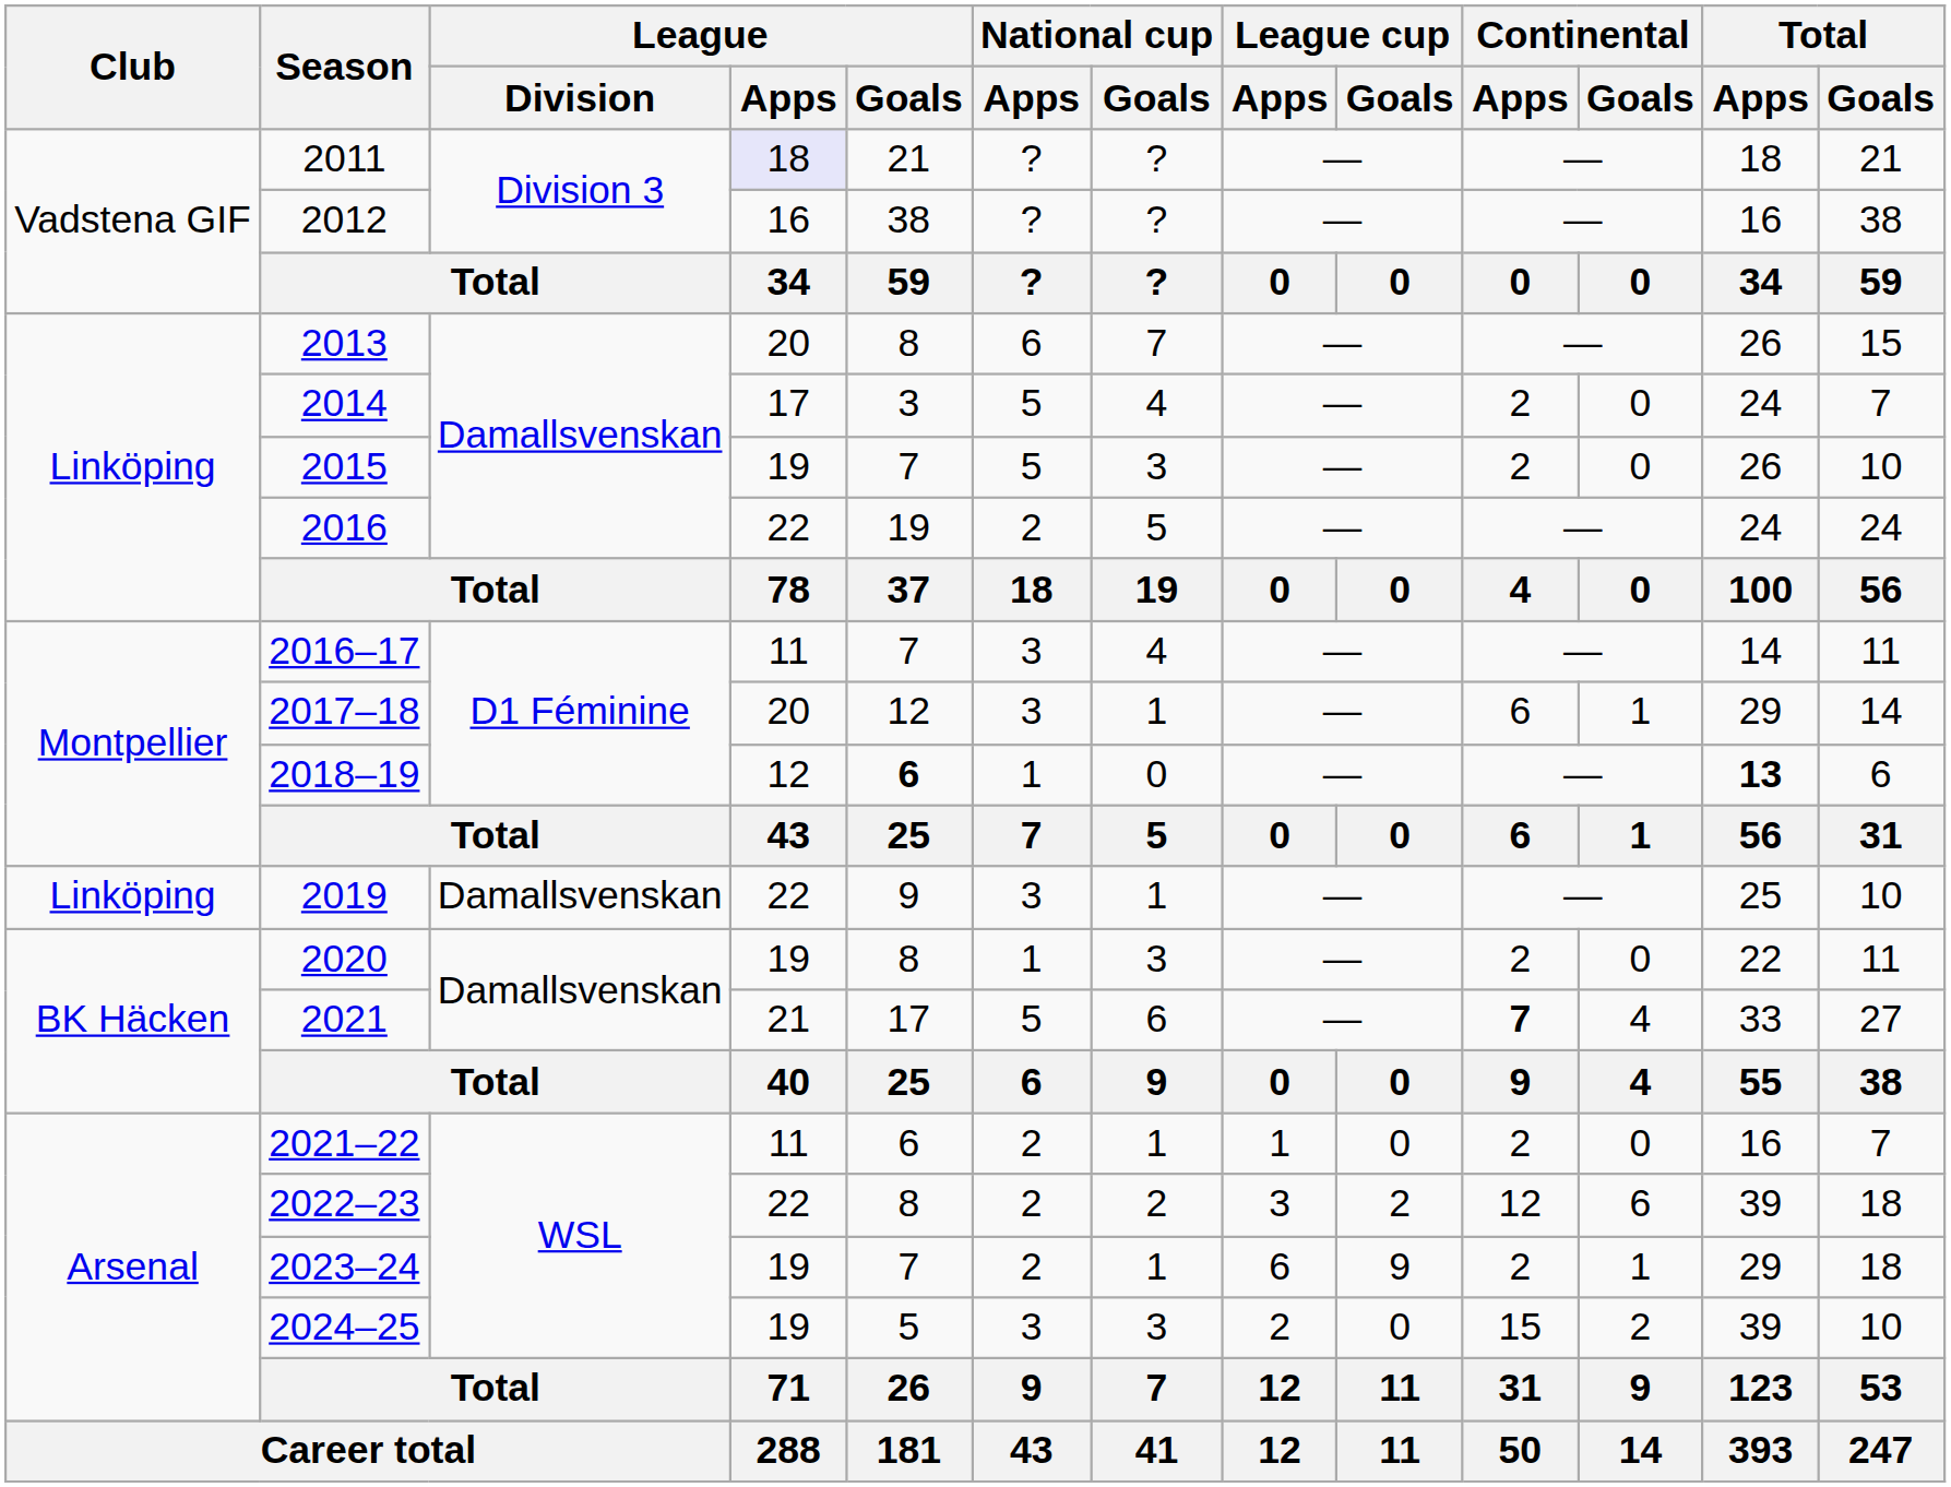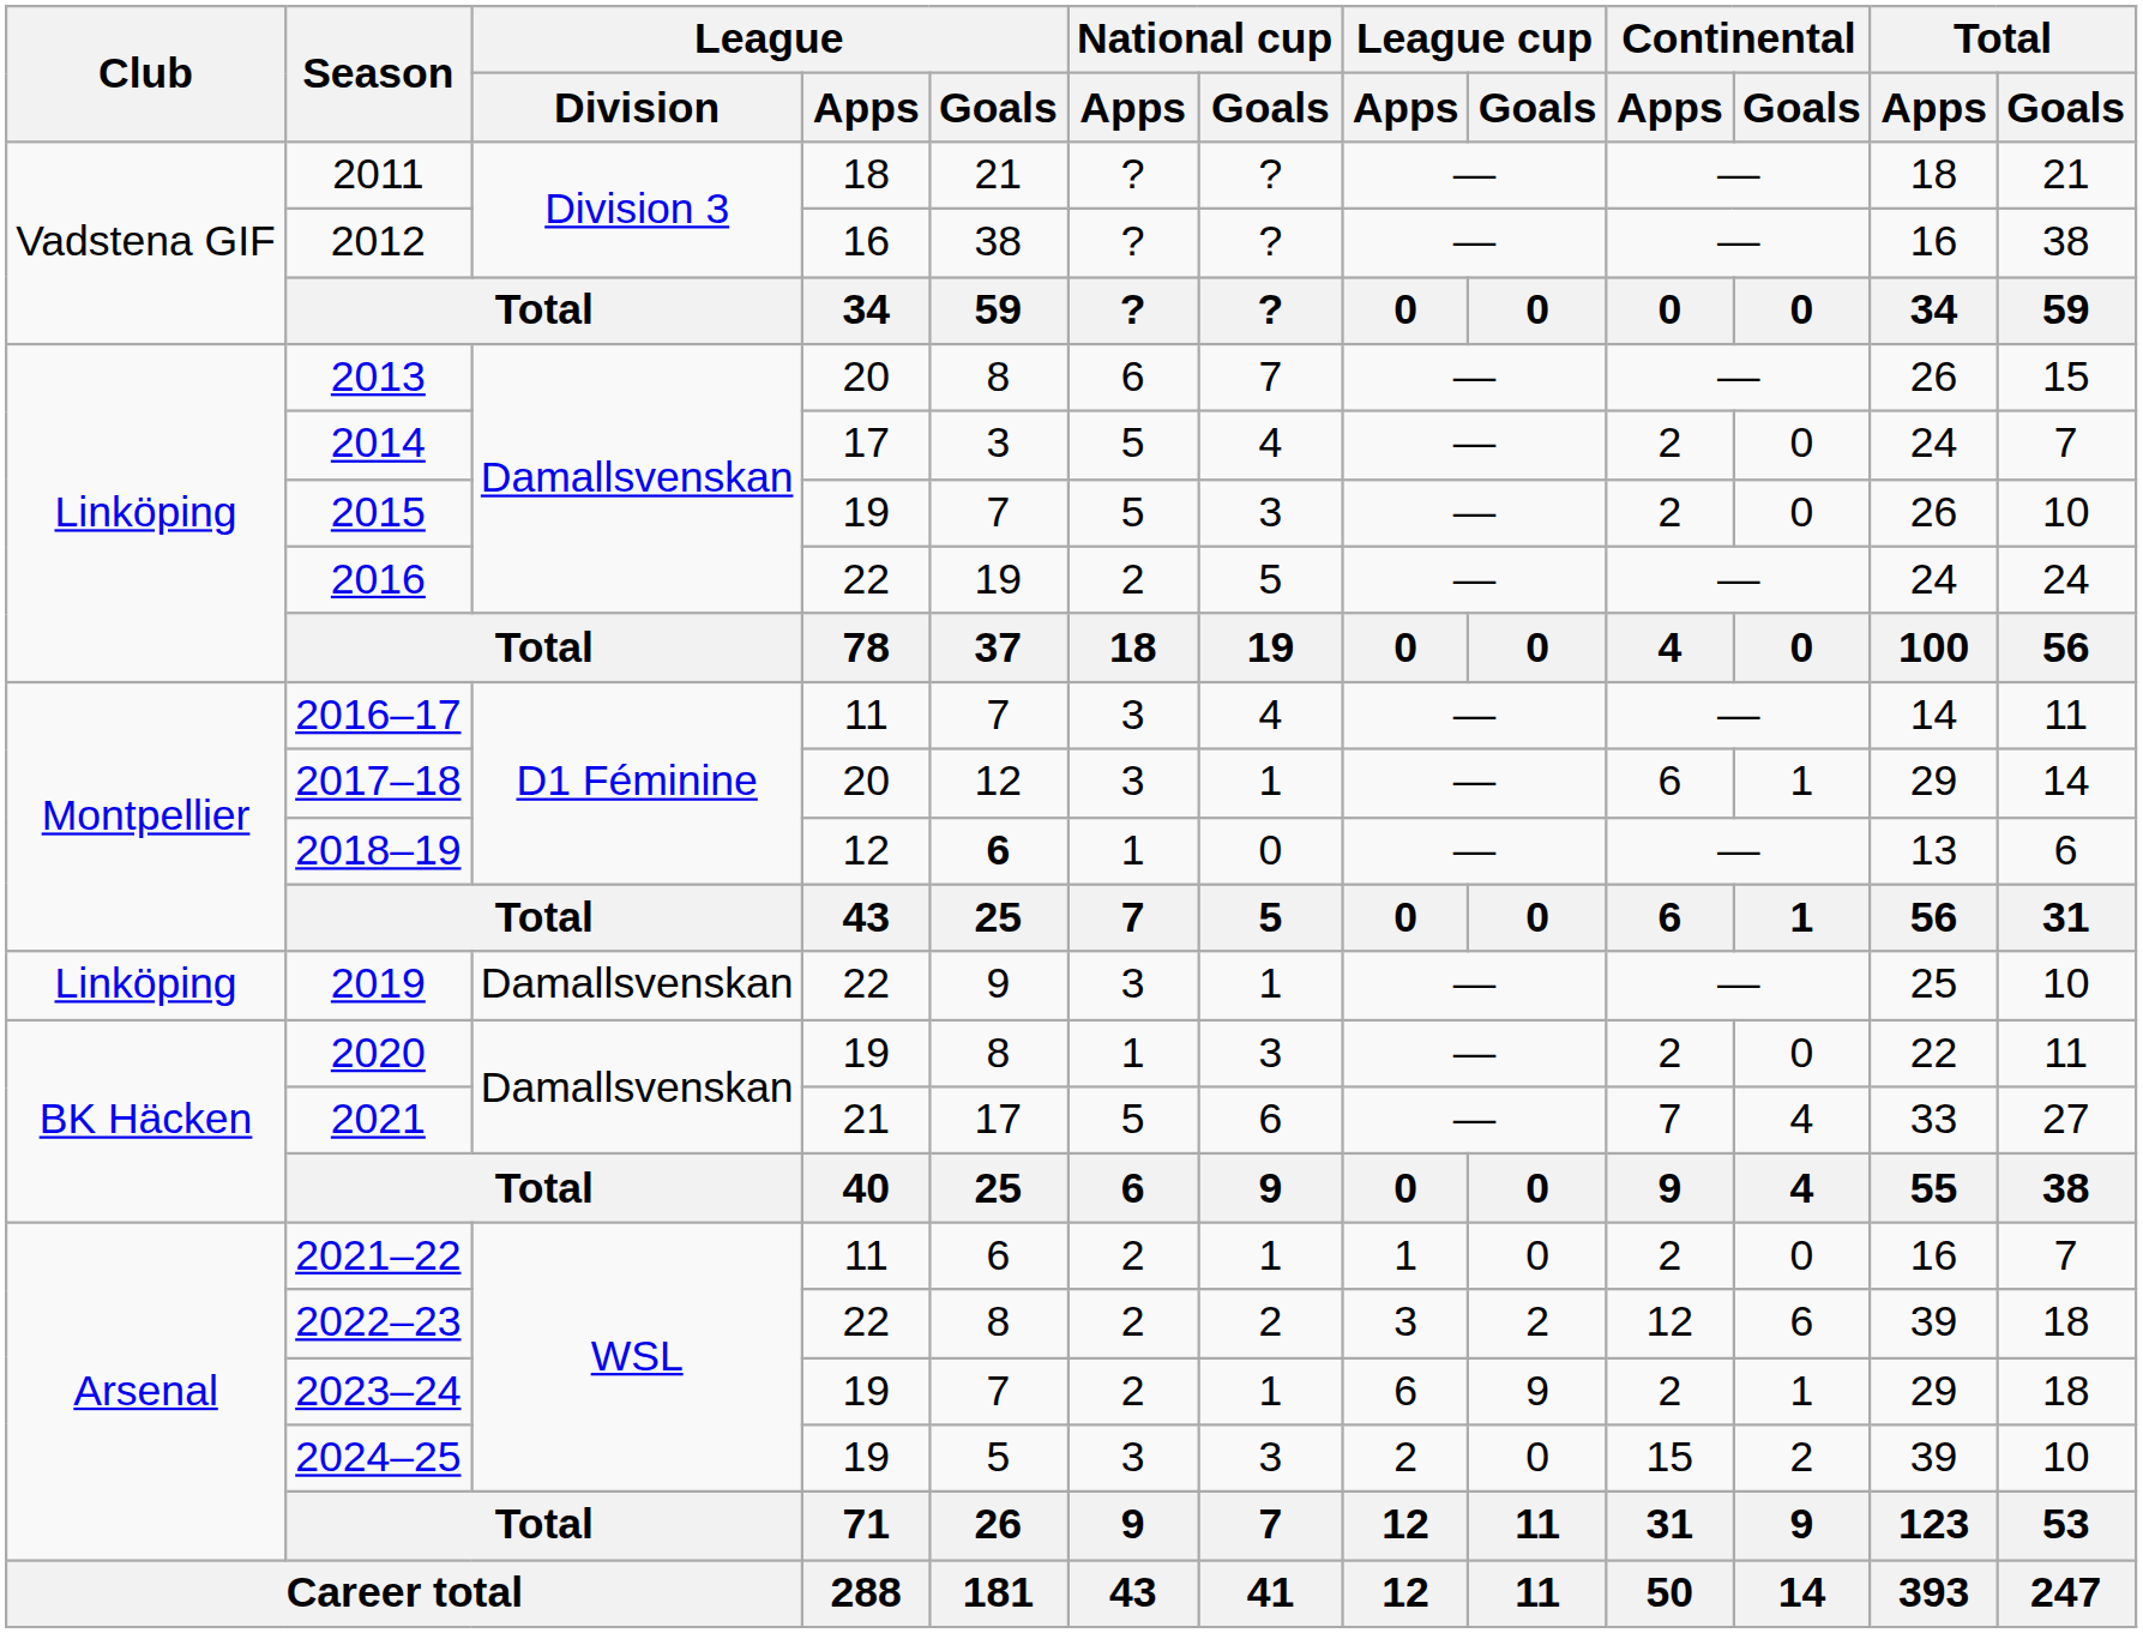 <table class="wikitable" style="text-align:center">
 <tr>
 <th rowspan="2">Club</th>
 <th rowspan="2">Season</th>
 <th colspan="3">League</th>
 <th colspan="2">National cup</th>
 <th colspan="2">League cup</th>
 <th colspan="2">Continental</th>
 <th colspan="2">Total</th>
 </tr>
 <tr>
 <th>Division</th>
 <th>Apps</th>
 <th>Goals</th>
 <th>Apps</th>
 <th>Goals</th>
 <th>Apps</th>
 <th>Goals</th>
 <th>Apps</th>
 <th>Goals</th>
 <th>Apps</th>
 <th>Goals</th>
 </tr>
 <tr>
 <td rowspan="3">Vadstena GIF</td>
 <td>2011</td>
 <td rowspan="2"><a href='#'>Division 3</a></td>
-<td style="background: lavender;">18</td>
+<td>18</td>
 <td>21</td>
 <td>?</td>
 <td>?</td>
 <td colspan="2">—</td>
 <td colspan="2">—</td>
 <td>18</td>
 <td>21</td>
 </tr>
 <tr>
 <td>2012</td>
 <td>16</td>
 <td>38</td>
 <td>?</td>
 <td>?</td>
 <td colspan="2">—</td>
 <td colspan="2">—</td>
 <td>16</td>
 <td>38</td>
 </tr>
 <tr>
 <th colspan="2">Total</th>
 <th>34</th>
 <th>59</th>
 <th>?</th>
 <th>?</th>
 <th>0</th>
 <th>0</th>
 <th>0</th>
 <th>0</th>
 <th>34</th>
 <th>59</th>
 </tr>
 <tr>
 <td rowspan="5"><a href='#'>Linköping</a></td>
 <td><a href='#'>2013</a></td>
 <td rowspan="4"><a href='#'>Damallsvenskan</a></td>
 <td>20</td>
 <td>8</td>
 <td>6</td>
 <td>7</td>
 <td colspan="2">—</td>
 <td colspan="2">—</td>
 <td>26</td>
 <td>15</td>
 </tr>
 <tr>
 <td><a href='#'>2014</a></td>
 <td>17</td>
 <td>3</td>
 <td>5</td>
 <td>4</td>
 <td colspan="2">—</td>
 <td>2</td>
 <td>0</td>
 <td>24</td>
 <td>7</td>
 </tr>
 <tr>
 <td><a href='#'>2015</a></td>
 <td>19</td>
 <td>7</td>
 <td>5</td>
 <td>3</td>
 <td colspan="2">—</td>
 <td>2</td>
 <td>0</td>
 <td>26</td>
 <td>10</td>
 </tr>
 <tr>
 <td><a href='#'>2016</a></td>
 <td>22</td>
 <td>19</td>
 <td>2</td>
 <td>5</td>
 <td colspan="2">—</td>
 <td colspan="2">—</td>
 <td>24</td>
 <td>24</td>
 </tr>
 <tr>
 <th colspan="2">Total</th>
 <th>78</th>
 <th>37</th>
 <th>18</th>
 <th>19</th>
 <th>0</th>
 <th>0</th>
 <th>4</th>
 <th>0</th>
 <th>100</th>
 <th>56</th>
 </tr>
 <tr>
 <td rowspan="4"><a href='#'>Montpellier</a></td>
 <td><a href='#'>2016–17</a></td>
 <td rowspan="3"><a href='#'>D1 Féminine</a></td>
 <td>11</td>
 <td>7</td>
 <td>3</td>
 <td>4</td>
 <td colspan="2">—</td>
 <td colspan="2">—</td>
 <td>14</td>
 <td>11</td>
 </tr>
 <tr>
 <td><a href='#'>2017–18</a></td>
 <td>20</td>
 <td>12</td>
 <td>3</td>
 <td>1</td>
 <td colspan="2">—</td>
 <td>6</td>
 <td>1</td>
 <td>29</td>
 <td>14</td>
 </tr>
 <tr>
 <td><a href='#'>2018–19</a></td>
 <td>12</td>
 <td><strong>6</strong></td>
 <td>1</td>
 <td>0</td>
 <td colspan="2">—</td>
 <td colspan="2">—</td>
-<td><strong>13</strong></td>
+<td>13</td>
 <td>6</td>
 </tr>
 <tr>
 <th colspan="2">Total</th>
 <th>43</th>
 <th>25</th>
 <th>7</th>
 <th>5</th>
 <th>0</th>
 <th>0</th>
 <th>6</th>
 <th>1</th>
 <th>56</th>
 <th>31</th>
 </tr>
 <tr>
 <td><a href='#'>Linköping</a></td>
 <td><a href='#'>2019</a></td>
 <td>Damallsvenskan</td>
 <td>22</td>
 <td>9</td>
 <td>3</td>
 <td>1</td>
 <td colspan="2">—</td>
 <td colspan="2">—</td>
 <td>25</td>
 <td>10</td>
 </tr>
 <tr>
 <td rowspan="3"><a href='#'>BK Häcken</a></td>
 <td><a href='#'>2020</a></td>
 <td rowspan="2">Damallsvenskan</td>
 <td>19</td>
 <td>8</td>
 <td>1</td>
 <td>3</td>
 <td colspan="2">—</td>
 <td>2</td>
 <td>0</td>
 <td>22</td>
 <td>11</td>
 </tr>
 <tr>
 <td><a href='#'>2021</a></td>
 <td>21</td>
 <td>17</td>
 <td>5</td>
 <td>6</td>
 <td colspan="2">—</td>
-<td><strong>7</strong></td>
+<td>7</td>
 <td>4</td>
 <td>33</td>
 <td>27</td>
 </tr>
 <tr>
 <th colspan="2">Total</th>
 <th>40</th>
 <th>25</th>
 <th>6</th>
 <th>9</th>
 <th>0</th>
 <th>0</th>
 <th>9</th>
 <th>4</th>
 <th>55</th>
 <th>38</th>
 </tr>
 <tr>
 <td rowspan="5"><a href='#'>Arsenal</a></td>
 <td><a href='#'>2021–22</a></td>
 <td rowspan="4"><a href='#'>WSL</a></td>
 <td>11</td>
 <td>6</td>
 <td>2</td>
 <td>1</td>
 <td>1</td>
 <td>0</td>
 <td>2</td>
 <td>0</td>
 <td>16</td>
 <td>7</td>
 </tr>
 <tr>
 <td><a href='#'>2022–23</a></td>
 <td>22</td>
 <td>8</td>
 <td>2</td>
 <td>2</td>
 <td>3</td>
 <td>2</td>
 <td>12</td>
 <td>6</td>
 <td>39</td>
 <td>18</td>
 </tr>
 <tr>
 <td><a href='#'>2023–24</a></td>
 <td>19</td>
 <td>7</td>
 <td>2</td>
 <td>1</td>
 <td>6</td>
 <td>9</td>
 <td>2</td>
 <td>1</td>
 <td>29</td>
 <td>18</td>
 </tr>
 <tr>
 <td><a href='#'>2024–25</a></td>
 <td>19</td>
 <td>5</td>
 <td>3</td>
 <td>3</td>
 <td>2</td>
 <td>0</td>
 <td>15</td>
 <td>2</td>
 <td>39</td>
 <td>10</td>
 </tr>
 <tr>
 <th colspan="2">Total</th>
 <th>71</th>
 <th>26</th>
 <th>9</th>
 <th>7</th>
 <th>12</th>
 <th>11</th>
 <th>31</th>
 <th>9</th>
 <th>123</th>
 <th>53</th>
 </tr>
 <tr>
 <th colspan="3">Career total</th>
 <th>288</th>
 <th>181</th>
 <th>43</th>
 <th>41</th>
 <th>12</th>
 <th>11</th>
 <th>50</th>
 <th>14</th>
 <th>393</th>
 <th>247</th>
 </tr>
 </table>
